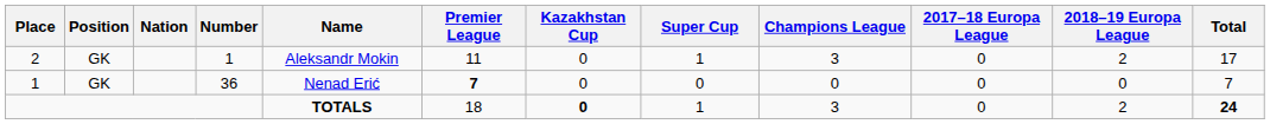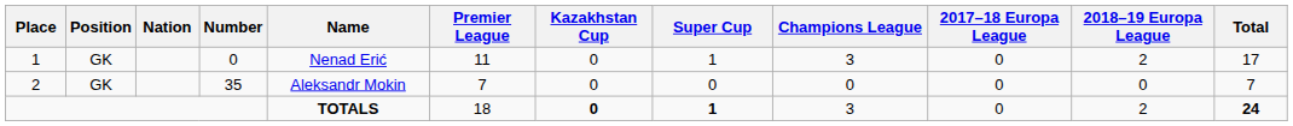 <table class="wikitable" style="font-size: 95%; text-align: center;">
 <tr>
 <th width=60>Place</th>
 <th width=60>Position</th>
 <th width=60>Nation</th>
 <th width=60>Number</th>
 <th width=200>Name</th>
 <th width=120><a href='#'>Premier League</a></th>
 <th width=120><a href='#'>Kazakhstan Cup</a></th>
 <th width=150><a href='#'>Super Cup</a></th>
 <th width=180><a href='#'>Champions League</a></th>
 <th width=180><a href='#'>2017–18 Europa League</a></th>
 <th width=180><a href='#'>2018–19 Europa League</a></th>
 <th width=80>Total</th>
 </tr>
 <tr>
-<td>2</td>
+<td>1</td>
 <td>GK</td>
 <td></td>
-<td>1</td>
-<td><a href='#'>Aleksandr Mokin</a></td>
+<td>0</td>
+<td><a href='#'>Nenad Erić</a></td>
 <td>11</td>
 <td>0</td>
 <td>1</td>
 <td>3</td>
 <td>0</td>
 <td>2</td>
 <td>17</td>
 </tr>
 <tr>
-<td>1</td>
+<td>2</td>
 <td>GK</td>
 <td></td>
-<td>36</td>
-<td><a href='#'>Nenad Erić</a></td>
-<td><strong>7</strong></td>
+<td>35</td>
+<td><a href='#'>Aleksandr Mokin</a></td>
+<td>7</td>
 <td>0</td>
 <td>0</td>
 <td>0</td>
 <td>0</td>
 <td>0</td>
 <td>7</td>
 </tr>
 <tr>
 <td colspan="4"></td>
 <td><strong>TOTALS</strong></td>
 <td>18</td>
 <td><strong>0</strong></td>
-<td>1</td>
+<td><strong>1</strong></td>
 <td>3</td>
 <td>0</td>
 <td>2</td>
 <td><strong>24</strong></td>
 </tr>
 </table>
